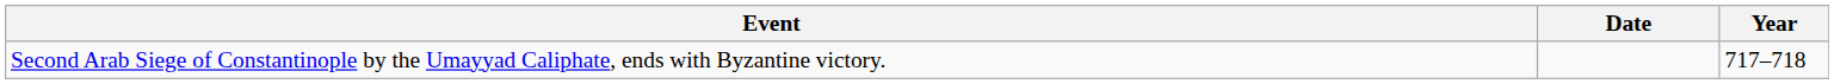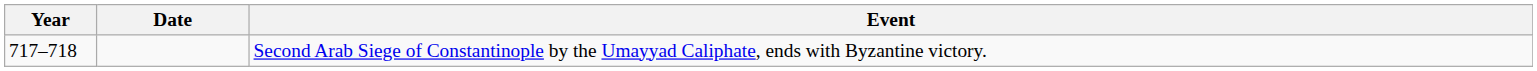 <table class="wikitable" width="100%">
 <tr>
+<th style="width:6%">Year</th>
+<th style="width:10%">Date</th>
 <th>Event</th>
-<th style="width:10%">Date</th>
-<th style="width:6%">Year</th>
 </tr>
 <tr>
+<td>717–718</td>
+<td></td>
 <td><a href='#'>Second Arab Siege of Constantinople</a> by the <a href='#'>Umayyad Caliphate</a>, ends with Byzantine victory.</td>
-<td></td>
-<td>717–718</td>
 </tr>
 </table>
